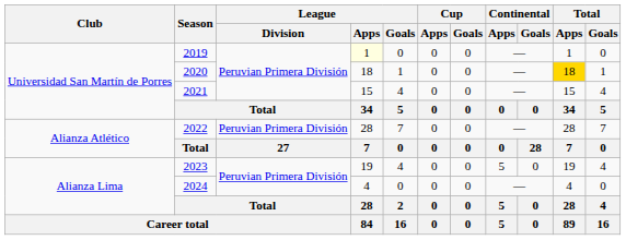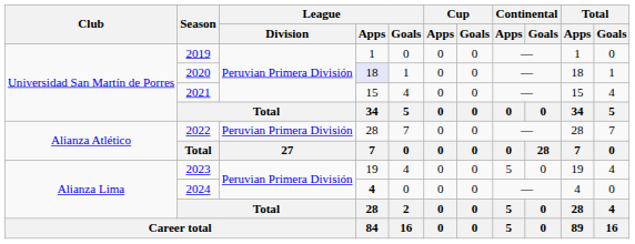 <table class="wikitable" style="text-align:center">
 <tr>
 <th rowspan="2">Club</th>
 <th rowspan="2">Season</th>
 <th colspan="3">League</th>
 <th colspan="2">Cup</th>
 <th colspan="2">Continental</th>
 <th colspan="2">Total</th>
 </tr>
 <tr>
 <th>Division</th>
 <th>Apps</th>
 <th>Goals</th>
 <th>Apps</th>
 <th>Goals</th>
 <th>Apps</th>
 <th>Goals</th>
 <th>Apps</th>
 <th>Goals</th>
 </tr>
 <tr>
 <td rowspan="4"><a href='#'>Universidad San Martín de Porres</a></td>
 <td><a href='#'>2019</a></td>
 <td rowspan="3"><a href='#'>Peruvian Primera División</a></td>
-<td style="background: lightyellow;">1</td>
+<td>1</td>
 <td>0</td>
 <td>0</td>
 <td>0</td>
 <td colspan="2">—</td>
 <td>1</td>
 <td>0</td>
 </tr>
 <tr>
 <td><a href='#'>2020</a></td>
-<td>18</td>
+<td style="background: lavender;">18</td>
 <td>1</td>
 <td>0</td>
 <td>0</td>
 <td colspan="2">—</td>
-<td style="background: gold;">18</td>
+<td>18</td>
 <td>1</td>
 </tr>
 <tr>
 <td><a href='#'>2021</a></td>
 <td>15</td>
 <td>4</td>
 <td>0</td>
 <td>0</td>
 <td colspan="2">—</td>
 <td>15</td>
 <td>4</td>
 </tr>
 <tr>
 <th colspan="2">Total</th>
 <th>34</th>
 <th>5</th>
 <th>0</th>
 <th>0</th>
 <th>0</th>
 <th>0</th>
 <th>34</th>
 <th>5</th>
 </tr>
 <tr>
 <td rowspan="2"><a href='#'>Alianza Atlético</a></td>
 <td><a href='#'>2022</a></td>
 <td><a href='#'>Peruvian Primera División</a></td>
 <td>28</td>
 <td>7</td>
 <td>0</td>
 <td>0</td>
 <td colspan="2">—</td>
 <td>28</td>
 <td>7</td>
 </tr>
 <tr>
 <th>Total</th>
 <th>27</th>
 <th>7</th>
 <th>0</th>
 <th>0</th>
 <th>0</th>
 <th>0</th>
 <th>28</th>
 <th>7</th>
 <th>0</th>
 </tr>
 <tr>
 <td rowspan="3"><a href='#'>Alianza Lima</a></td>
 <td><a href='#'>2023</a></td>
 <td rowspan="2"><a href='#'>Peruvian Primera División</a></td>
 <td>19</td>
 <td>4</td>
 <td>0</td>
 <td>0</td>
 <td>5</td>
 <td>0</td>
 <td>19</td>
 <td>4</td>
 </tr>
 <tr>
 <td><a href='#'>2024</a></td>
-<td>4</td>
+<td><strong>4</strong></td>
 <td>0</td>
 <td>0</td>
 <td>0</td>
 <td colspan="2">—</td>
 <td>4</td>
 <td>0</td>
 </tr>
 <tr>
 <th colspan="2">Total</th>
 <th>28</th>
 <th>2</th>
 <th>0</th>
 <th>0</th>
 <th>5</th>
 <th>0</th>
 <th>28</th>
 <th>4</th>
 </tr>
 <tr>
 <th colspan="3">Career total</th>
 <th>84</th>
 <th>16</th>
 <th>0</th>
 <th>0</th>
 <th>5</th>
 <th>0</th>
 <th>89</th>
 <th>16</th>
 </tr>
 </table>
